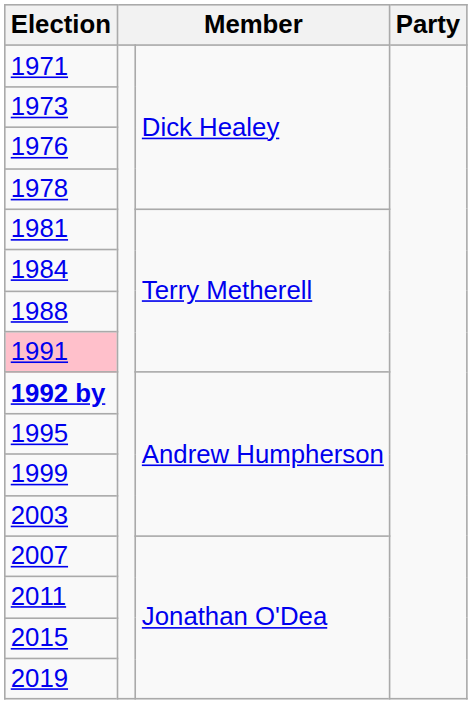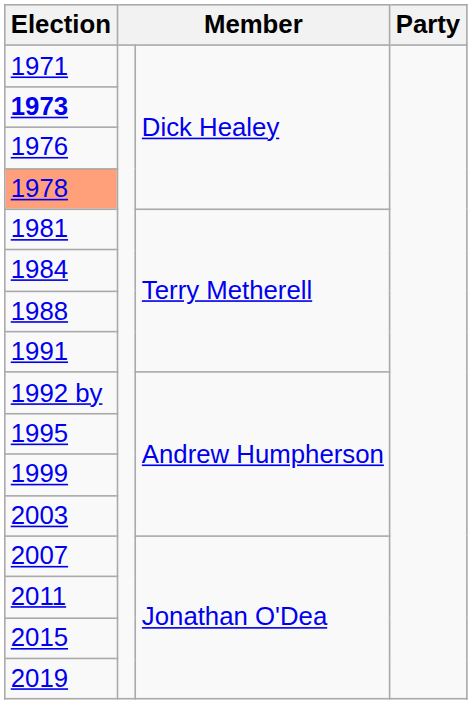 <table class="wikitable">
 <tr>
 <th>Election</th>
 <th colspan="2">Member</th>
 <th>Party</th>
 </tr>
 <tr>
 <td><a href='#'>1971</a></td>
 <td rowspan="16" > </td>
 <td rowspan="4"><a href='#'>Dick Healey</a></td>
 <td rowspan="16"></td>
 </tr>
 <tr>
-<td><a href='#'>1973</a></td>
+<td><strong><a href='#'>1973</a></strong></td>
 </tr>
 <tr>
 <td><a href='#'>1976</a></td>
 </tr>
 <tr>
-<td><a href='#'>1978</a></td>
+<td style="background: lightsalmon;"><a href='#'>1978</a></td>
 </tr>
 <tr>
 <td><a href='#'>1981</a></td>
 <td rowspan="4"><a href='#'>Terry Metherell</a></td>
 </tr>
 <tr>
 <td><a href='#'>1984</a></td>
 </tr>
 <tr>
 <td><a href='#'>1988</a></td>
 </tr>
 <tr>
-<td style="background: pink;"><a href='#'>1991</a></td>
+<td><a href='#'>1991</a></td>
 </tr>
 <tr>
-<td><strong><a href='#'>1992 by</a></strong></td>
+<td><a href='#'>1992 by</a></td>
 <td rowspan="4"><a href='#'>Andrew Humpherson</a></td>
 </tr>
 <tr>
 <td><a href='#'>1995</a></td>
 </tr>
 <tr>
 <td><a href='#'>1999</a></td>
 </tr>
 <tr>
 <td><a href='#'>2003</a></td>
 </tr>
 <tr>
 <td><a href='#'>2007</a></td>
 <td rowspan="4"><a href='#'>Jonathan O'Dea</a></td>
 </tr>
 <tr>
 <td><a href='#'>2011</a></td>
 </tr>
 <tr>
 <td><a href='#'>2015</a></td>
 </tr>
 <tr>
 <td><a href='#'>2019</a></td>
 </tr>
 </table>
